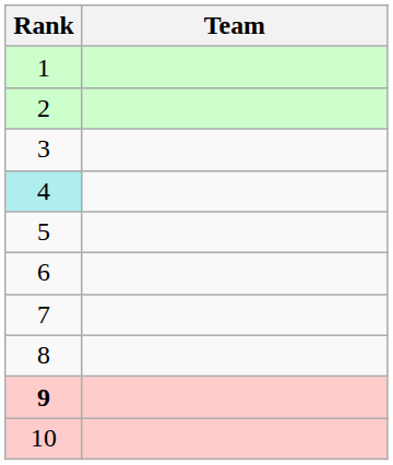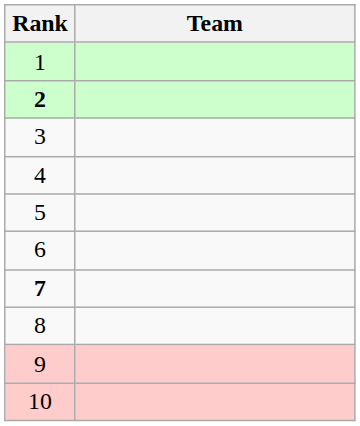 <table class="wikitable" style="text-align: center;">
 <tr>
 <th width=40>Rank</th>
 <th width=180>Team</th>
 </tr>
 <tr bgcolor=ccffcc>
 <td>1</td>
 <td align=left></td>
 </tr>
 <tr bgcolor=ccffcc>
-<td>2</td>
+<td><strong>2</strong></td>
 <td align=left></td>
 </tr>
 <tr>
 <td>3</td>
 <td align=left></td>
 </tr>
 <tr>
-<td style="background: paleturquoise;">4</td>
+<td>4</td>
 <td align=left></td>
 </tr>
 <tr>
 <td>5</td>
 <td align=left></td>
 </tr>
 <tr>
 <td>6</td>
 <td align=left></td>
 </tr>
 <tr>
-<td>7</td>
+<td><strong>7</strong></td>
 <td align=left></td>
 </tr>
 <tr>
 <td>8</td>
 <td align=left></td>
 </tr>
 <tr bgcolor=ffcccc>
-<td><strong>9</strong></td>
+<td>9</td>
 <td align=left></td>
 </tr>
 <tr bgcolor=ffcccc>
 <td>10</td>
 <td align=left></td>
 </tr>
 </table>
